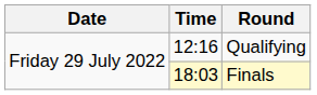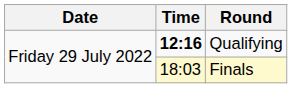 <table class="wikitable">
 <tr>
 <th>Date</th>
 <th>Time</th>
 <th>Round</th>
 </tr>
 <tr>
 <td rowspan=2>Friday 29 July 2022</td>
-<td>12:16</td>
+<td><strong>12:16</strong></td>
 <td>Qualifying</td>
 </tr>
 <tr>
 <td style=background:lemonchiffon>18:03</td>
 <td style=background:lemonchiffon>Finals</td>
 </tr>
 </table>
